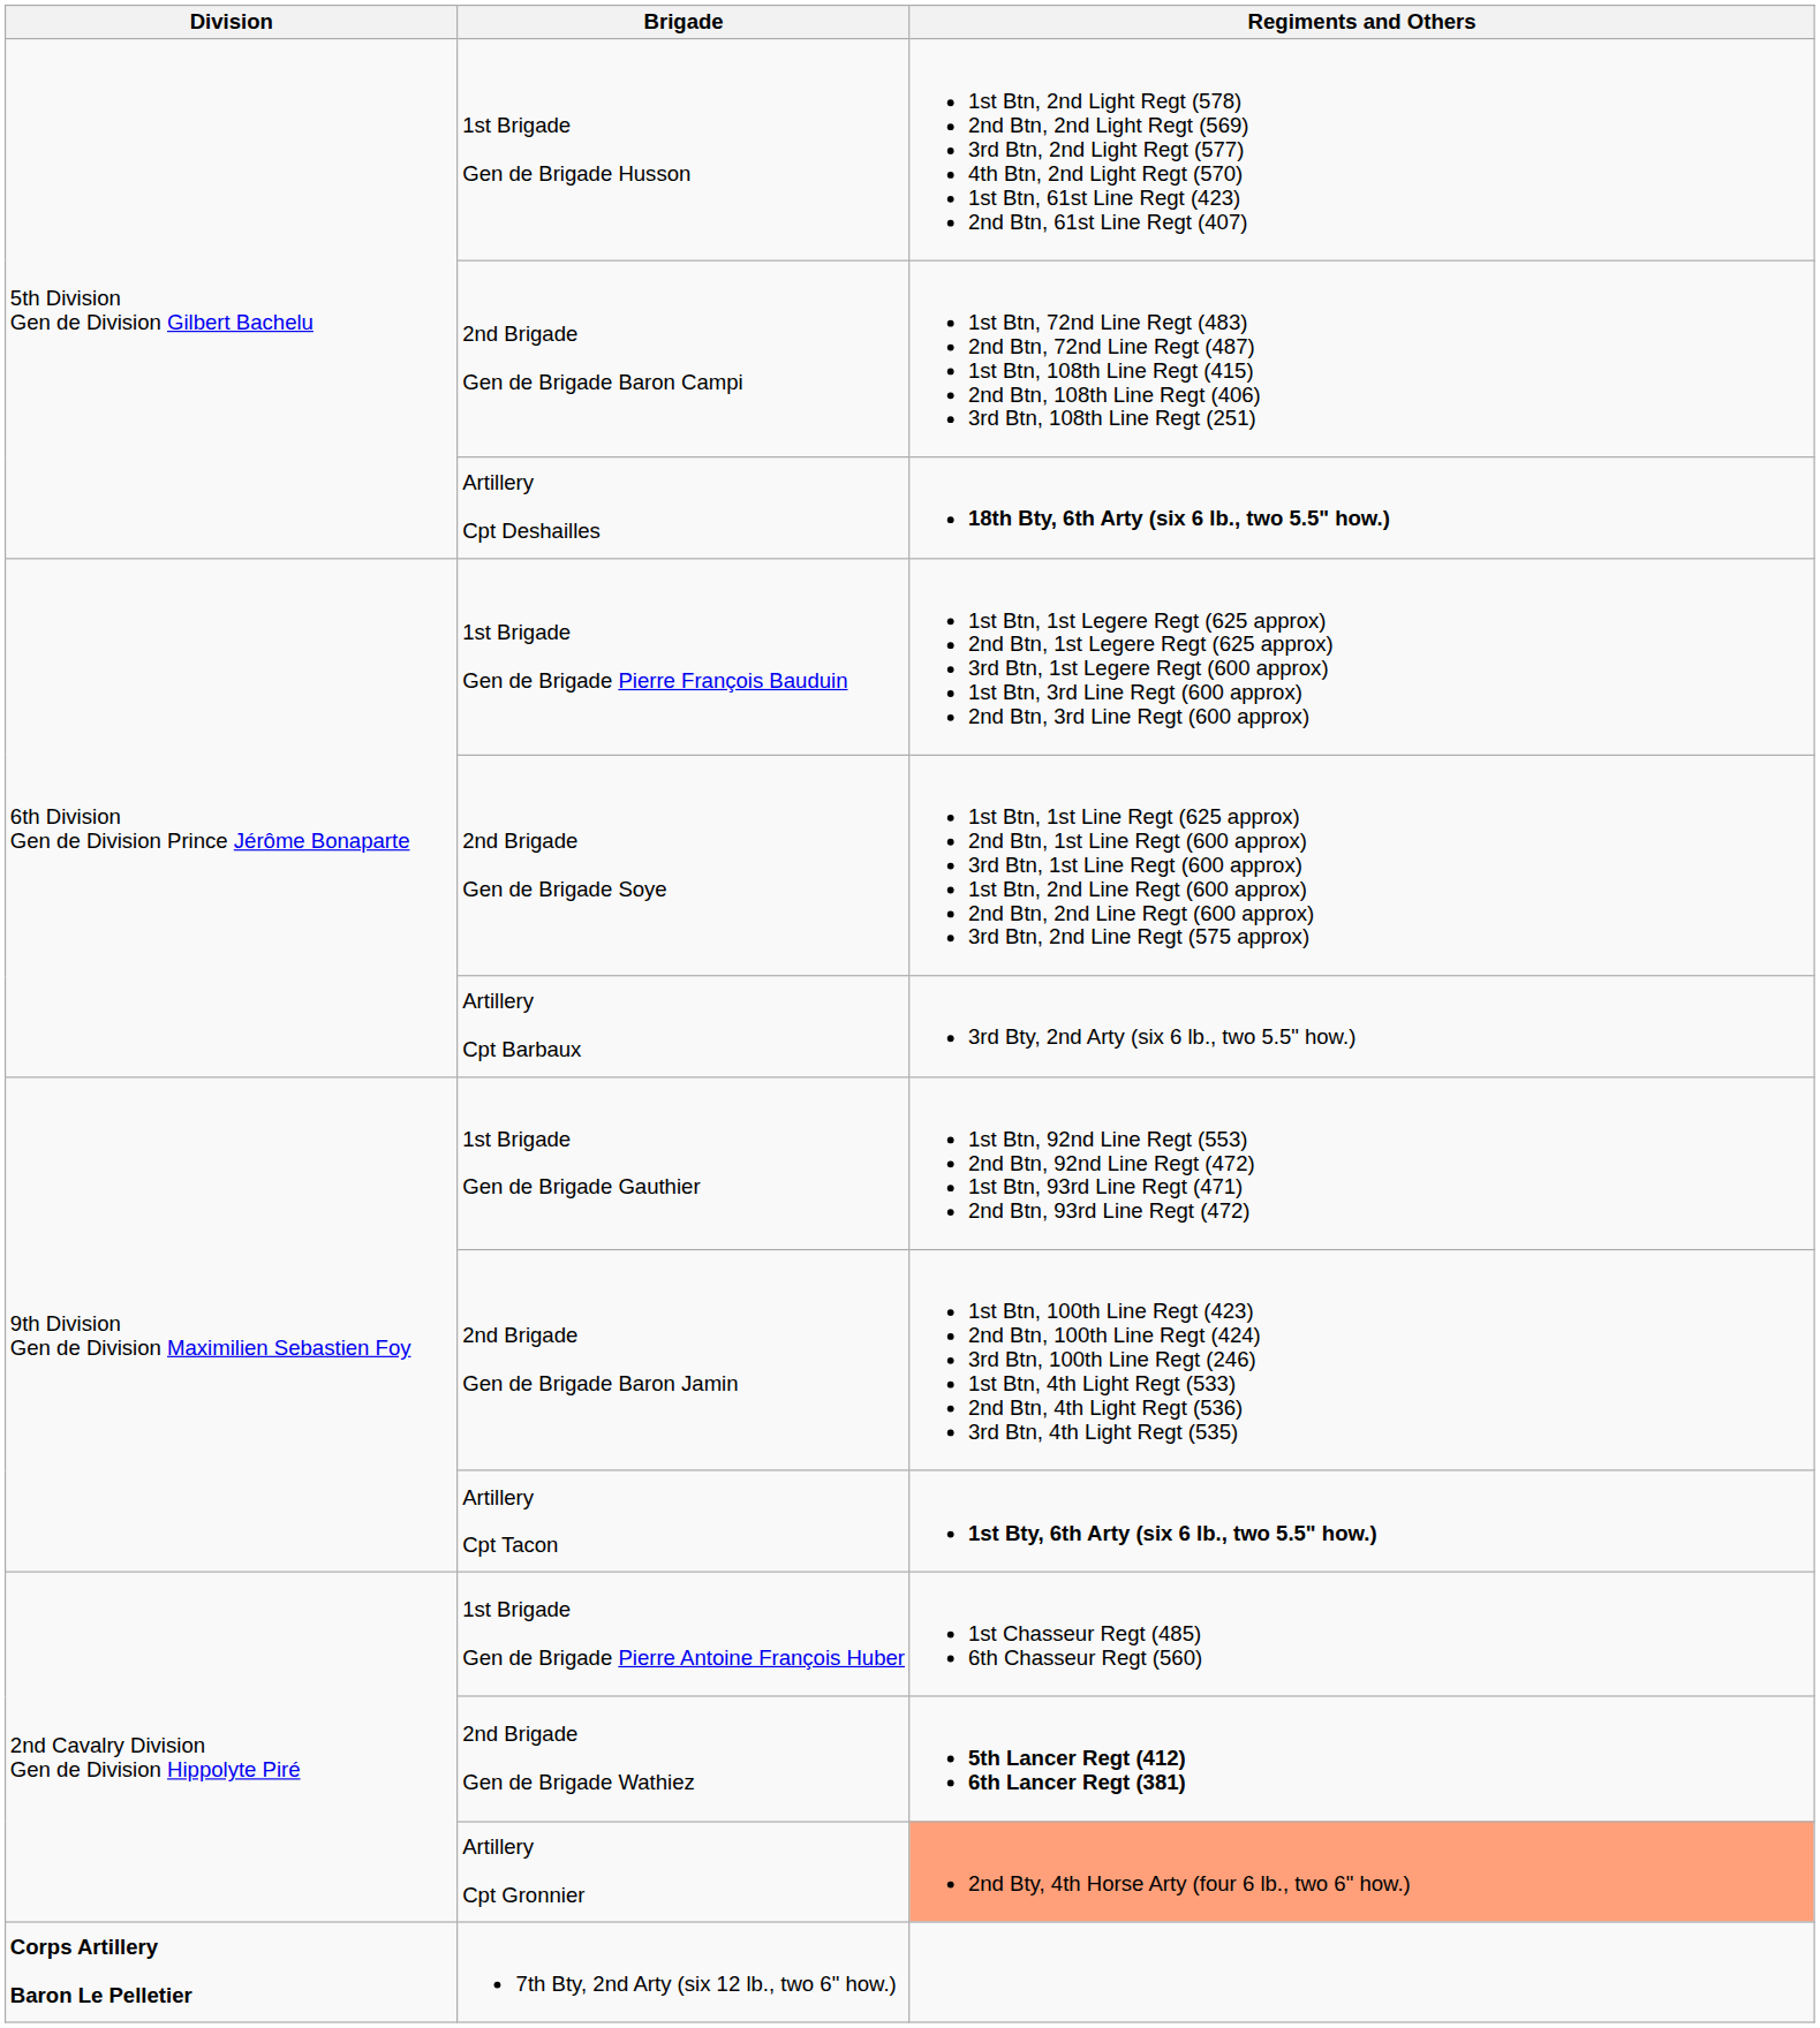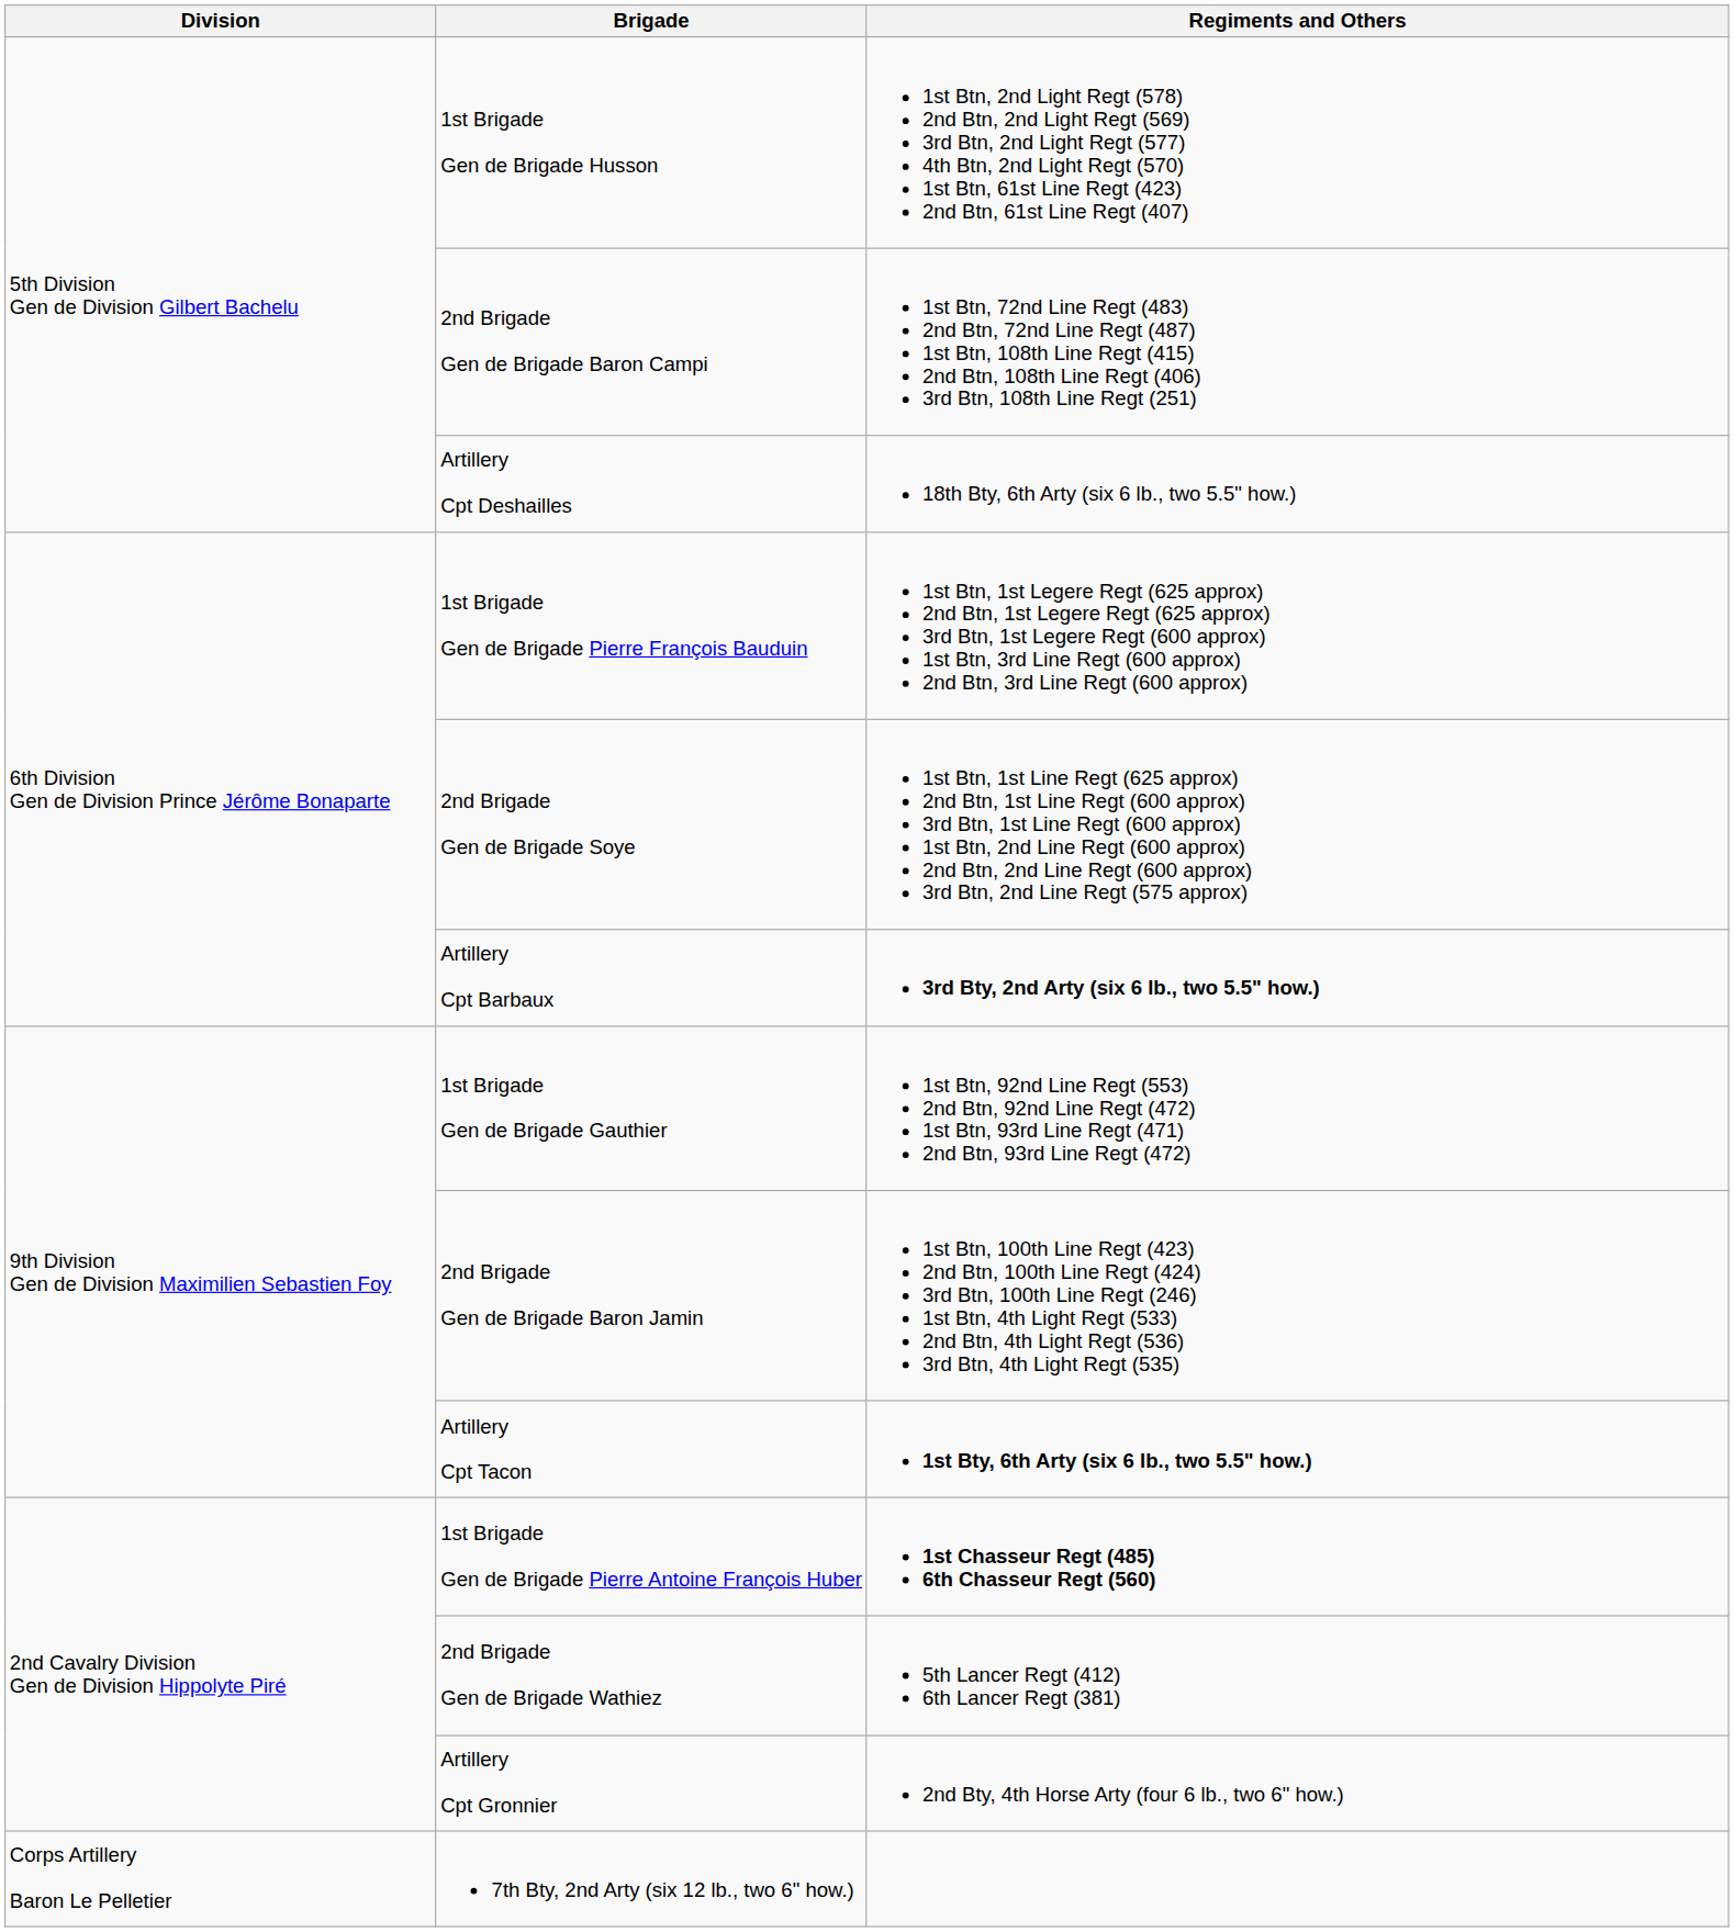 <table class="wikitable">
 <tr>
 <th width=25%>Division</th>
 <th width=25%>Brigade</th>
 <th>Regiments and Others</th>
 </tr>
 <tr>
 <td rowspan=3><br>5th Division <br> Gen de Division <a href='#'>Gilbert Bachelu</a></td>
 <td>1st Brigade<br><br> Gen de Brigade Husson</td>
 <td><br><ul><li>1st Btn, 2nd Light Regt (578)</li><li>2nd Btn, 2nd Light Regt (569)</li><li>3rd Btn, 2nd Light Regt (577)</li><li>4th Btn, 2nd Light Regt (570)</li><li>1st Btn, 61st Line Regt (423)</li><li>2nd Btn, 61st Line Regt (407)</li></ul></td>
 </tr>
 <tr>
 <td>2nd Brigade<br><br> Gen de Brigade Baron Campi</td>
 <td><br><ul><li>1st Btn, 72nd Line Regt (483)</li><li>2nd Btn, 72nd Line Regt (487)</li><li>1st Btn, 108th Line Regt (415)</li><li>2nd Btn, 108th Line Regt (406)</li><li>3rd Btn, 108th Line Regt (251)</li></ul></td>
 </tr>
 <tr>
 <td>Artillery<br><br> Cpt Deshailles</td>
-<td><strong><br><ul><li>18th Bty, 6th Arty (six 6 lb., two 5.5" how.)</li></ul></strong></td>
+<td><br><ul><li>18th Bty, 6th Arty (six 6 lb., two 5.5" how.)</li></ul></td>
 </tr>
 <tr>
 <td rowspan=3><br>6th Division <br> Gen de Division Prince <a href='#'>Jérôme Bonaparte</a></td>
 <td>1st Brigade<br><br> Gen de Brigade <a href='#'>Pierre François Bauduin</a></td>
 <td><br><ul><li>1st Btn, 1st Legere Regt (625 approx)</li><li>2nd Btn, 1st Legere Regt (625 approx)</li><li>3rd Btn, 1st Legere Regt (600 approx)</li><li>1st Btn, 3rd Line Regt (600 approx)</li><li>2nd Btn, 3rd Line Regt (600 approx)</li></ul></td>
 </tr>
 <tr>
 <td>2nd Brigade<br><br> Gen de Brigade Soye</td>
 <td><br><ul><li>1st Btn, 1st Line Regt (625 approx)</li><li>2nd Btn, 1st Line Regt (600 approx)</li><li>3rd Btn, 1st Line Regt (600 approx)</li><li>1st Btn, 2nd Line Regt (600 approx)</li><li>2nd Btn, 2nd Line Regt (600 approx)</li><li>3rd Btn, 2nd Line Regt (575 approx)</li></ul></td>
 </tr>
 <tr>
 <td>Artillery<br><br> Cpt Barbaux</td>
-<td><br><ul><li>3rd Bty, 2nd Arty (six 6 lb., two 5.5" how.)</li></ul></td>
+<td><strong><br><ul><li>3rd Bty, 2nd Arty (six 6 lb., two 5.5" how.)</li></ul></strong></td>
 </tr>
 <tr>
 <td rowspan=3><br>9th Division <br> Gen de Division <a href='#'>Maximilien Sebastien Foy</a></td>
 <td>1st Brigade<br><br> Gen de Brigade Gauthier</td>
 <td><br><ul><li>1st Btn, 92nd Line Regt (553)</li><li>2nd Btn, 92nd Line Regt (472)</li><li>1st Btn, 93rd Line Regt (471)</li><li>2nd Btn, 93rd Line Regt (472)</li></ul></td>
 </tr>
 <tr>
 <td>2nd Brigade<br><br> Gen de Brigade Baron Jamin</td>
 <td><br><ul><li>1st Btn, 100th Line Regt (423)</li><li>2nd Btn, 100th Line Regt (424)</li><li>3rd Btn, 100th Line Regt (246)</li><li>1st Btn, 4th Light Regt (533)</li><li>2nd Btn, 4th Light Regt (536)</li><li>3rd Btn, 4th Light Regt (535)</li></ul></td>
 </tr>
 <tr>
 <td>Artillery<br><br> Cpt Tacon</td>
 <td><strong><br><ul><li>1st Bty, 6th Arty (six 6 lb., two 5.5" how.)</li></ul></strong></td>
 </tr>
 <tr>
 <td rowspan=3><br>2nd Cavalry Division <br> Gen de Division <a href='#'>Hippolyte Piré</a></td>
 <td>1st Brigade<br><br> Gen de Brigade <a href='#'>Pierre Antoine François Huber</a></td>
-<td><br><ul><li>1st Chasseur Regt (485)</li><li>6th Chasseur Regt (560)</li></ul></td>
+<td><strong><br><ul><li>1st Chasseur Regt (485)</li><li>6th Chasseur Regt (560)</li></ul></strong></td>
 </tr>
 <tr>
 <td>2nd Brigade<br><br> Gen de Brigade Wathiez</td>
-<td><strong><br><ul><li>5th Lancer Regt (412)</li><li>6th Lancer Regt (381)</li></ul></strong></td>
+<td><br><ul><li>5th Lancer Regt (412)</li><li>6th Lancer Regt (381)</li></ul></td>
 </tr>
 <tr>
 <td>Artillery<br><br> Cpt Gronnier</td>
-<td style="background: lightsalmon;"><br><ul><li>2nd Bty, 4th Horse Arty (four 6 lb., two 6" how.)</li></ul></td>
+<td><br><ul><li>2nd Bty, 4th Horse Arty (four 6 lb., two 6" how.)</li></ul></td>
 </tr>
 <tr>
-<td><strong>Corps Artillery<br><br> Baron Le Pelletier</strong></td>
+<td>Corps Artillery<br><br> Baron Le Pelletier</td>
 <td><br><ul><li>7th Bty, 2nd Arty (six 12 lb., two 6" how.)</li></ul></td>
 </tr>
 </table>
